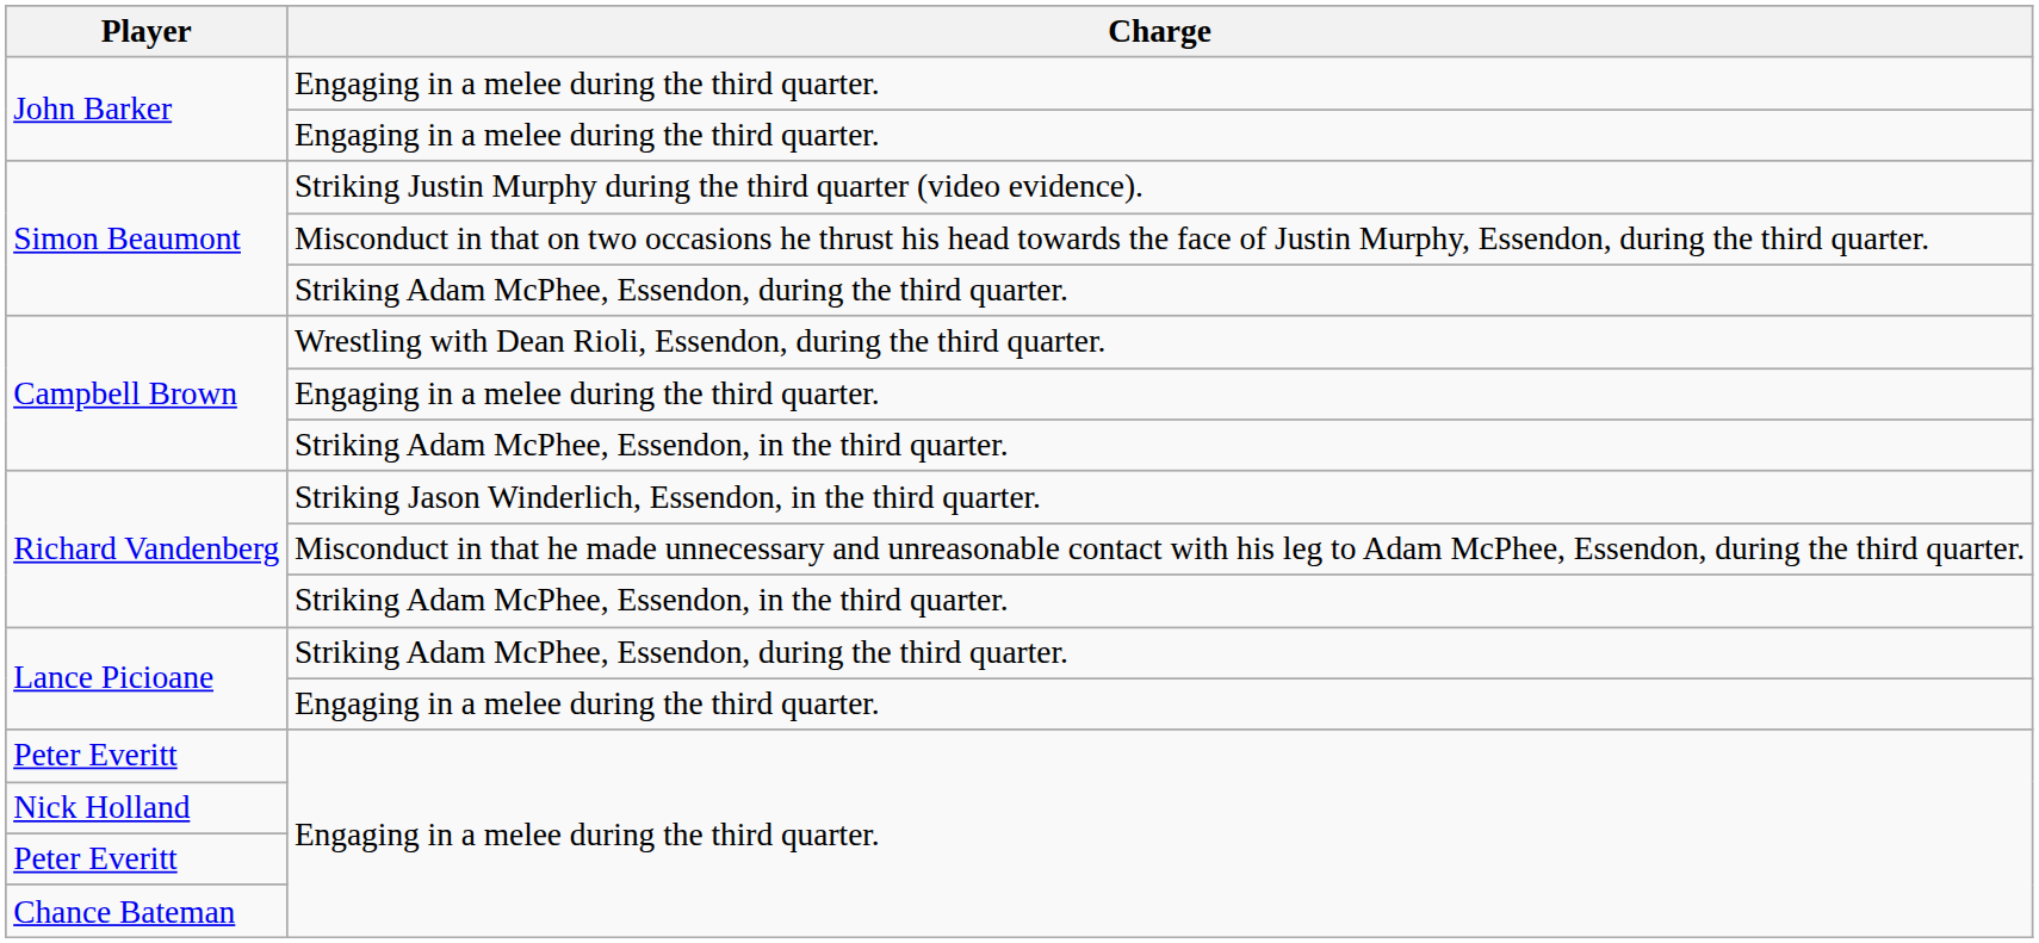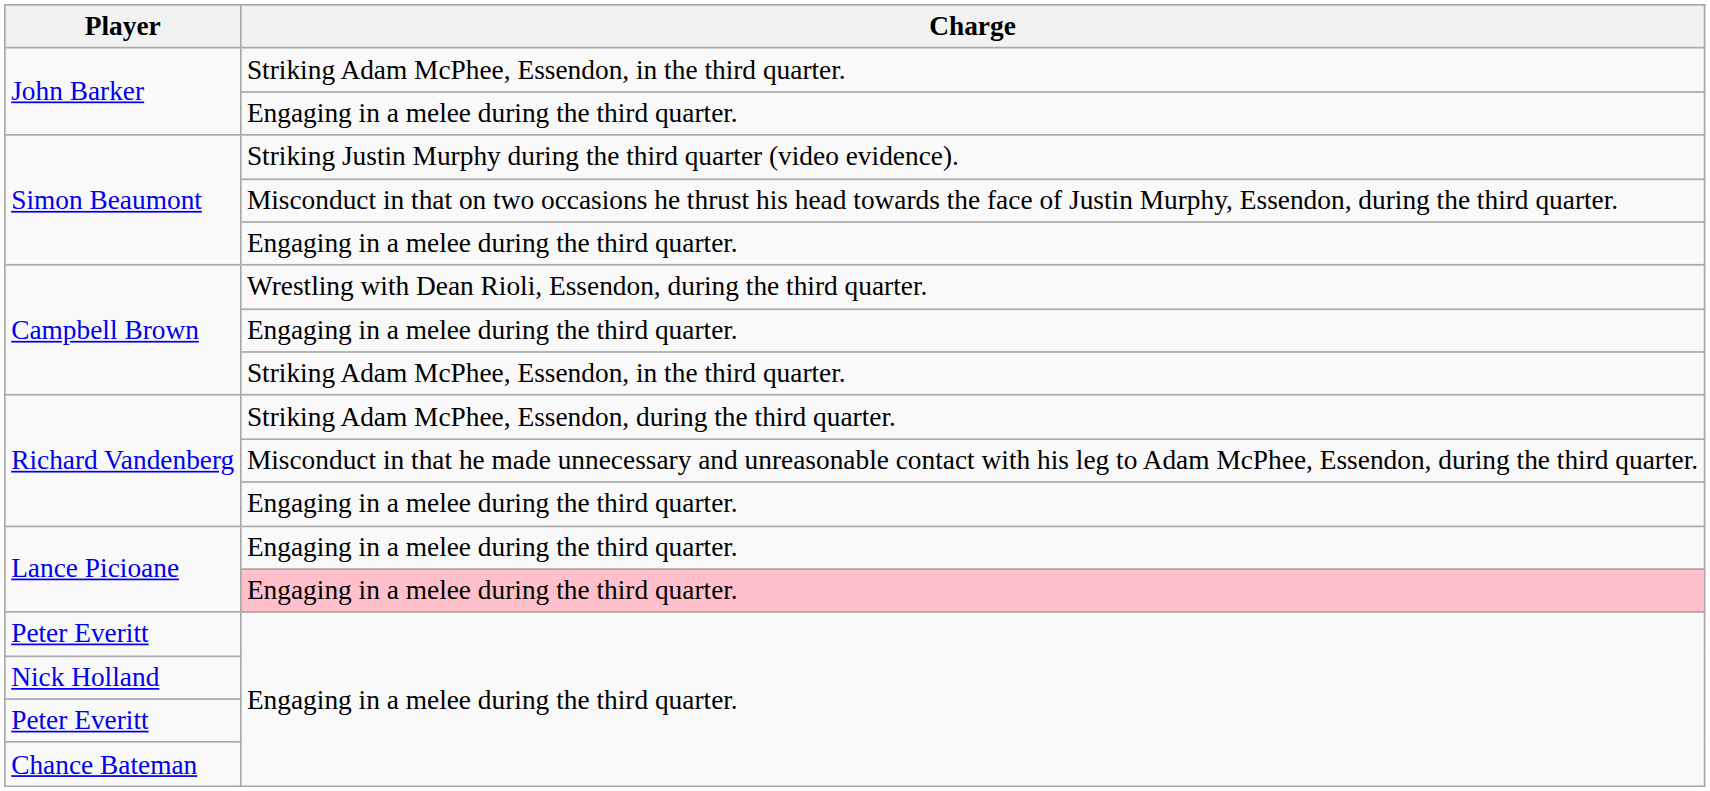 <table class="wikitable">
 <tr style="background:#efefef;">
 <th>Player</th>
 <th>Charge</th>
 </tr>
 <tr>
 <td rowspan="2"><a href='#'>John Barker</a></td>
-<td>Engaging in a melee during the third quarter.</td>
+<td>Striking Adam McPhee, Essendon, in the third quarter.</td>
 </tr>
 <tr>
 <td>Engaging in a melee during the third quarter.</td>
 </tr>
 <tr>
 <td rowspan="3"><a href='#'>Simon Beaumont</a></td>
 <td>Striking Justin Murphy during the third quarter (video evidence).</td>
 </tr>
 <tr>
 <td>Misconduct in that on two occasions he thrust his head towards the face of Justin Murphy, Essendon, during the third quarter.</td>
 </tr>
 <tr>
-<td>Striking Adam McPhee, Essendon, during the third quarter.</td>
+<td>Engaging in a melee during the third quarter.</td>
 </tr>
 <tr>
 <td rowspan="3"><a href='#'>Campbell Brown</a></td>
 <td>Wrestling with Dean Rioli, Essendon, during the third quarter.</td>
 </tr>
 <tr>
 <td>Engaging in a melee during the third quarter.</td>
 </tr>
 <tr>
 <td>Striking Adam McPhee, Essendon, in the third quarter.</td>
 </tr>
 <tr>
 <td rowspan="3"><a href='#'>Richard Vandenberg</a></td>
-<td>Striking Jason Winderlich, Essendon, in the third quarter.</td>
+<td>Striking Adam McPhee, Essendon, during the third quarter.</td>
 </tr>
 <tr>
 <td>Misconduct in that he made unnecessary and unreasonable contact with his leg to Adam McPhee, Essendon, during the third quarter.</td>
 </tr>
 <tr>
-<td>Striking Adam McPhee, Essendon, in the third quarter.</td>
+<td>Engaging in a melee during the third quarter.</td>
 </tr>
 <tr>
 <td rowspan="2"><a href='#'>Lance Picioane</a></td>
-<td>Striking Adam McPhee, Essendon, during the third quarter.</td>
+<td>Engaging in a melee during the third quarter.</td>
 </tr>
 <tr>
-<td>Engaging in a melee during the third quarter.</td>
+<td style="background: pink;">Engaging in a melee during the third quarter.</td>
 </tr>
 <tr>
 <td><a href='#'>Peter Everitt</a></td>
 <td rowspan="4">Engaging in a melee during the third quarter.</td>
 </tr>
 <tr>
 <td><a href='#'>Nick Holland</a></td>
 </tr>
 <tr>
 <td><a href='#'>Peter Everitt</a></td>
 </tr>
 <tr>
 <td><a href='#'>Chance Bateman</a></td>
 </tr>
 </table>
